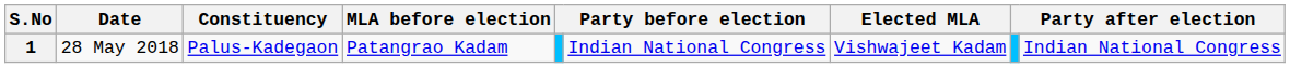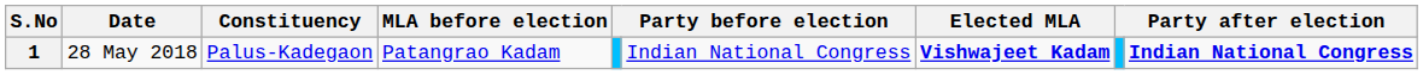 <table class="wikitable sortable">
 <tr>
 <th>S.No</th>
 <th>Date</th>
 <th>Constituency</th>
 <th>MLA before election</th>
 <th colspan="2">Party before election</th>
 <th>Elected MLA</th>
 <th colspan="2">Party after election</th>
 </tr>
 <tr>
 <th>1</th>
 <td>28 May 2018</td>
 <td><a href='#'>Palus-Kadegaon</a></td>
 <td><a href='#'>Patangrao Kadam</a></td>
 <td bgcolor=#00BFFF></td>
 <td><a href='#'>Indian National Congress</a></td>
-<td><a href='#'>Vishwajeet Kadam</a></td>
+<td><strong><a href='#'>Vishwajeet Kadam</a></strong></td>
 <td bgcolor=#00BFFF></td>
-<td><a href='#'>Indian National Congress</a></td>
+<td><strong><a href='#'>Indian National Congress</a></strong></td>
 </tr>
 </table>
